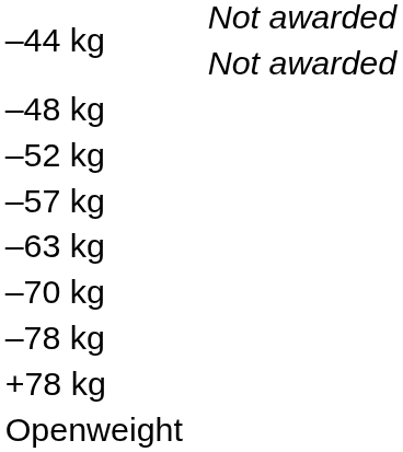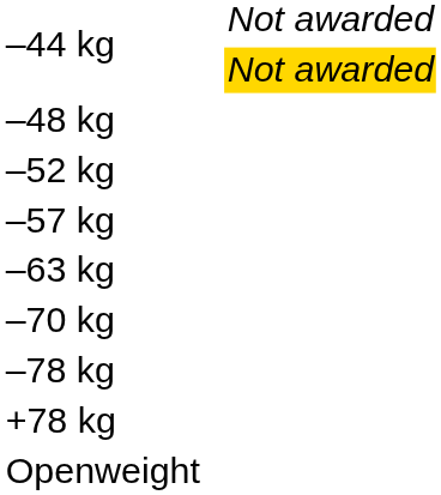 <table>
 <tr>
 <td rowspan=2>–44 kg<br></td>
 <td rowspan=2></td>
 <td rowspan=2></td>
 <td><em>Not awarded</em></td>
 </tr>
 <tr>
-<td><em>Not awarded</em></td>
+<td style="background: gold;"><em>Not awarded</em></td>
 </tr>
 <tr>
 <td rowspan=2>–48 kg<br></td>
 <td rowspan=2></td>
 <td rowspan=2></td>
 <td></td>
 </tr>
 <tr>
 <td></td>
 </tr>
 <tr>
 <td rowspan=2>–52 kg<br></td>
 <td rowspan=2></td>
 <td rowspan=2></td>
 <td></td>
 </tr>
 <tr>
 <td></td>
 </tr>
 <tr>
 <td rowspan=2>–57 kg<br></td>
 <td rowspan=2></td>
 <td rowspan=2></td>
 <td></td>
 </tr>
 <tr>
 <td></td>
 </tr>
 <tr>
 <td rowspan=2>–63 kg<br></td>
 <td rowspan=2></td>
 <td rowspan=2></td>
 <td></td>
 </tr>
 <tr>
 <td></td>
 </tr>
 <tr>
 <td rowspan=2>–70 kg<br></td>
 <td rowspan=2></td>
 <td rowspan=2></td>
 <td></td>
 </tr>
 <tr>
 <td></td>
 </tr>
 <tr>
 <td rowspan=2>–78 kg<br></td>
 <td rowspan=2></td>
 <td rowspan=2></td>
 <td></td>
 </tr>
 <tr>
 <td></td>
 </tr>
 <tr>
 <td rowspan=2>+78 kg<br></td>
 <td rowspan=2></td>
 <td rowspan=2></td>
 <td></td>
 </tr>
 <tr>
 <td></td>
 </tr>
 <tr>
 <td rowspan=2>Openweight<br></td>
 <td rowspan=2></td>
 <td rowspan=2></td>
 <td></td>
 </tr>
 <tr>
 <td></td>
 </tr>
 </table>
